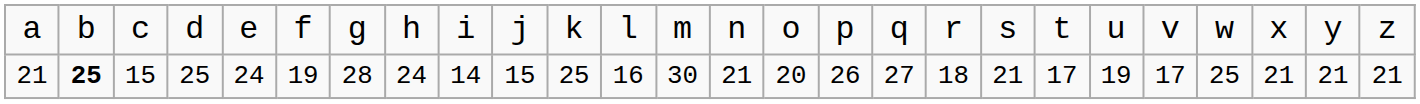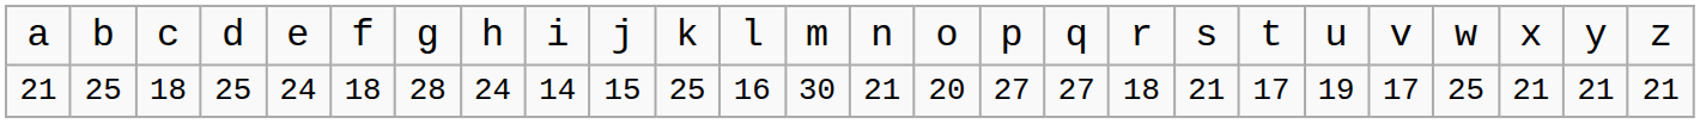 <table class="wikitable" style="text-align: center;">
 <tr style="font-family: Courier, monospace; font-size: 12pt;">
 <td style="width: 20px;">a</td>
 <td style="width: 20px;">b</td>
 <td style="width: 20px;">c</td>
 <td style="width: 20px;">d</td>
 <td style="width: 20px;">e</td>
 <td style="width: 20px;">f</td>
 <td style="width: 20px;">g</td>
 <td style="width: 20px;">h</td>
 <td style="width: 20px;">i</td>
 <td style="width: 20px;">j</td>
 <td style="width: 20px;">k</td>
 <td style="width: 20px;">l</td>
 <td style="width: 20px;">m</td>
 <td style="width: 20px;">n</td>
 <td style="width: 20px;">o</td>
 <td style="width: 20px;">p</td>
 <td style="width: 20px;">q</td>
 <td style="width: 20px;">r</td>
 <td style="width: 20px;">s</td>
 <td style="width: 20px;">t</td>
 <td style="width: 20px;">u</td>
 <td style="width: 20px;">v</td>
 <td style="width: 20px;">w</td>
 <td style="width: 20px;">x</td>
 <td style="width: 20px;">y</td>
 <td style="width: 20px;">z</td>
 </tr>
 <tr>
 <td>21</td>
-<td><strong>25</strong></td>
-<td>15</td>
+<td>25</td>
+<td>18</td>
 <td>25</td>
 <td>24</td>
-<td>19</td>
+<td>18</td>
 <td>28</td>
 <td>24</td>
 <td>14</td>
 <td>15</td>
 <td>25</td>
 <td>16</td>
 <td>30</td>
 <td>21</td>
 <td>20</td>
-<td>26</td>
+<td>27</td>
 <td>27</td>
 <td>18</td>
 <td>21</td>
 <td>17</td>
 <td>19</td>
 <td>17</td>
 <td>25</td>
 <td>21</td>
 <td>21</td>
 <td>21</td>
 </tr>
 </table>
